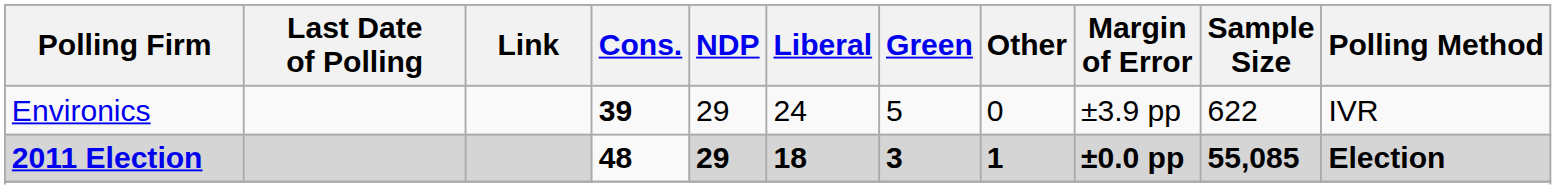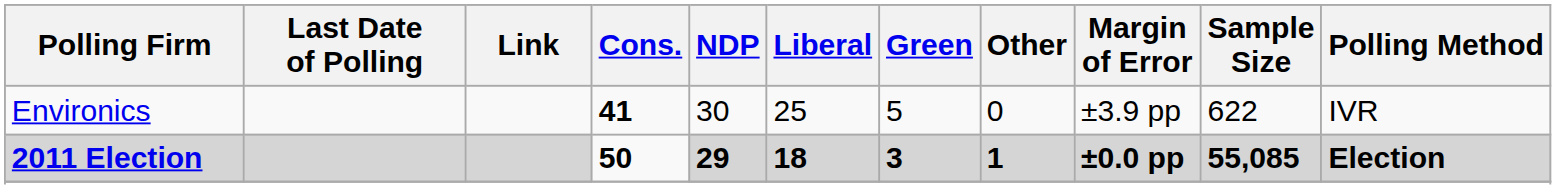 <table class="wikitable sortable">
 <tr style="background:#e9e9e9;">
 <th style="width:120px">Polling Firm</th>
 <th style="width:110px">Last Date<br>of Polling</th>
 <th style="width:60px" class="unsortable">Link</th>
 <th style="background-color:"><strong><a href='#'>Cons.</a></strong></th>
 <th style="background-color:"><strong><a href='#'>NDP</a></strong></th>
 <th style="background-color:"><strong><a href='#'>Liberal</a></strong></th>
 <th style="background-color:"><strong><a href='#'>Green</a></strong></th>
 <th style="background-color:"><strong>Other</strong></th>
 <th style="width:60px;" class=unsortable>Margin<br>of Error</th>
 <th style="width:50px;" class=unsortable>Sample<br>Size</th>
 <th class=unsortable>Polling Method</th>
 </tr>
 <tr>
 <td><a href='#'>Environics</a></td>
 <td></td>
 <td></td>
-<td><strong>39</strong></td>
-<td>29</td>
-<td>24</td>
+<td><strong>41</strong></td>
+<td>30</td>
+<td>25</td>
 <td>5</td>
 <td>0</td>
 <td>±3.9 pp</td>
 <td>622</td>
 <td>IVR</td>
 </tr>
 <tr>
 <td style="background:#D5D5D5"><strong><a href='#'>2011 Election</a></strong></td>
 <td style="background:#D5D5D5"><strong></strong></td>
 <td style="background:#D5D5D5"></td>
-<td><strong>48</strong></td>
+<td><strong>50</strong></td>
 <td style="background:#D5D5D5"><strong>29</strong></td>
 <td style="background:#D5D5D5"><strong>18</strong></td>
 <td style="background:#D5D5D5"><strong>3</strong></td>
 <td style="background:#D5D5D5"><strong>1</strong></td>
 <td style="background:#D5D5D5"><strong>±0.0 pp</strong></td>
 <td style="background:#D5D5D5"><strong>55,085</strong></td>
 <td style="background:#D5D5D5"><strong>Election</strong></td>
 </tr>
 <tr>
 </tr>
 <tr>
 </tr>
 </table>
